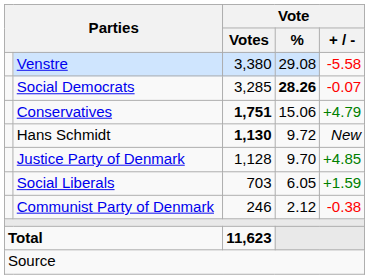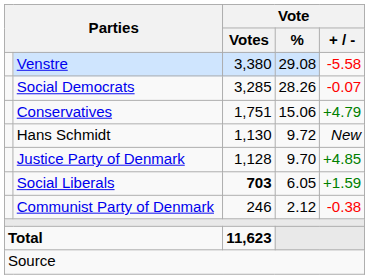 <table class="wikitable" style="text-align:right;">
 <tr>
 <th style="text-align:centre;" rowspan="2" colspan="2" width="225">Parties</th>
 <th colspan="3">Vote</th>
 </tr>
 <tr>
 <th width="15">Votes</th>
 <th width="15">%</th>
 <th width="15">+ / -</th>
 </tr>
 <tr>
 <td width="2" style="color:inherit;background:"></td>
 <td bgcolor=#cfe5fe  align="left"><a href='#'>Venstre</a></td>
 <td bgcolor=#cfe5fe>3,380</td>
 <td bgcolor=#cfe5fe>29.08</td>
 <td style=color:red;>-5.58</td>
 </tr>
 <tr>
 <td width="2" style="color:inherit;background:"></td>
 <td align="left"><a href='#'>Social Democrats</a></td>
 <td>3,285</td>
-<td><strong>28.26</strong></td>
+<td>28.26</td>
 <td style=color:red;>-0.07</td>
 </tr>
 <tr>
 <td width="2" style="color:inherit;background:"></td>
 <td align="left"><a href='#'>Conservatives</a></td>
-<td><strong>1,751</strong></td>
+<td>1,751</td>
 <td>15.06</td>
 <td style=color:green;>+4.79</td>
 </tr>
 <tr>
 <td width="2" style="color:inherit;background:"></td>
 <td align="left">Hans Schmidt</td>
-<td><strong>1,130</strong></td>
+<td>1,130</td>
 <td>9.72</td>
 <td><em>New</em></td>
 </tr>
 <tr>
 <td width="2" style="color:inherit;background:"></td>
 <td align="left"><a href='#'>Justice Party of Denmark</a></td>
 <td>1,128</td>
 <td>9.70</td>
 <td style=color:green;>+4.85</td>
 </tr>
 <tr>
 <td width="2" style="color:inherit;background:"></td>
 <td align="left"><a href='#'>Social Liberals</a></td>
-<td>703</td>
+<td><strong>703</strong></td>
 <td>6.05</td>
 <td style=color:green;>+1.59</td>
 </tr>
 <tr>
 <td width="2" style="color:inherit;background:"></td>
 <td align="left"><a href='#'>Communist Party of Denmark</a></td>
 <td>246</td>
 <td>2.12</td>
 <td style=color:red;>-0.38</td>
 </tr>
 <tr>
 <td colspan="7" bgcolor="#E9E9E9"></td>
 </tr>
 <tr>
 <td align="left" colspan="2"><strong>Total</strong></td>
 <td><strong>11,623</strong></td>
 <td bgcolor="#E9E9E9" colspan="2"></td>
 </tr>
 <tr>
 <td align="left" colspan="6">Source</td>
 </tr>
 </table>
